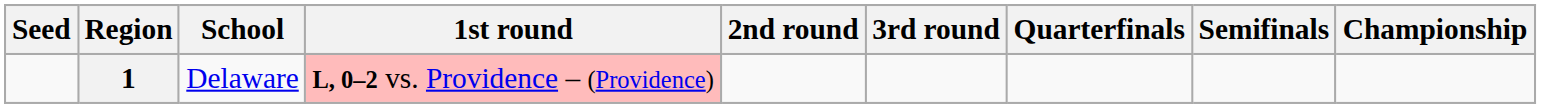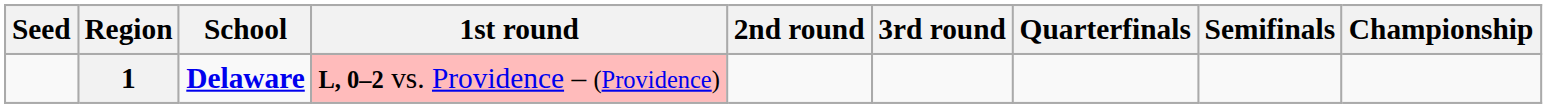 <table class="sortable wikitable" style="white-space:nowrap; font-size:90%;">
 <tr>
 <th>Seed</th>
 <th>Region</th>
 <th>School</th>
 <th>1st round</th>
 <th>2nd round</th>
 <th>3rd round</th>
 <th>Quarterfinals</th>
 <th>Semifinals</th>
 <th>Championship</th>
 </tr>
 <tr>
 <td></td>
 <th>1</th>
-<td><a href='#'>Delaware</a></td>
+<td><strong><a href='#'>Delaware</a></strong></td>
 <td style="background:#FBB;"><small><strong>L, 0–2</strong></small> vs. <a href='#'>Providence</a> – <small>(<a href='#'>Providence</a>)</small></td>
 <td></td>
 <td></td>
 <td></td>
 <td></td>
 </tr>
 </table>
